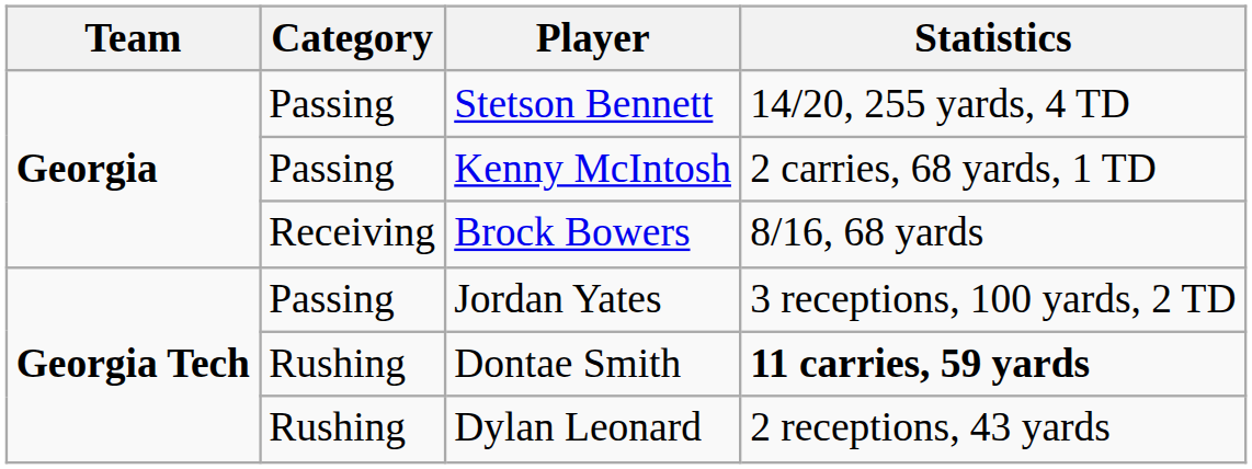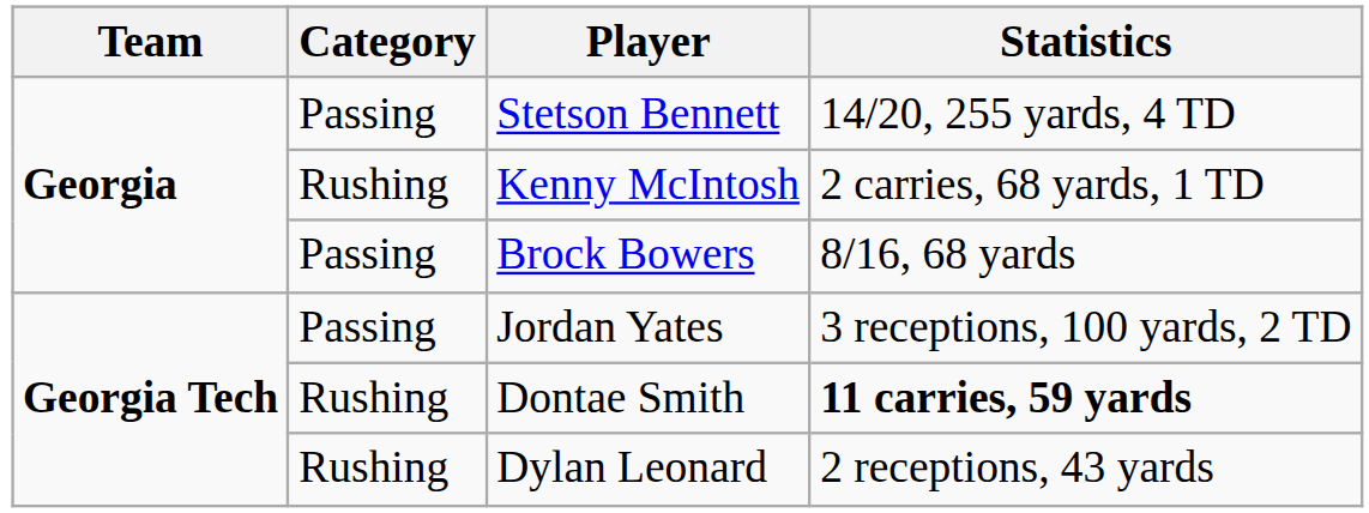 <table class="wikitable" style="float: right;">
 <tr>
 <th>Team</th>
 <th>Category</th>
 <th>Player</th>
 <th>Statistics</th>
 </tr>
 <tr>
 <td rowspan=3><strong>Georgia</strong></td>
 <td>Passing</td>
 <td><a href='#'>Stetson Bennett</a></td>
 <td>14/20, 255 yards, 4 TD</td>
 </tr>
 <tr>
-<td>Passing</td>
+<td>Rushing</td>
 <td><a href='#'>Kenny McIntosh</a></td>
 <td>2 carries, 68 yards, 1 TD</td>
 </tr>
 <tr>
-<td>Receiving</td>
+<td>Passing</td>
 <td><a href='#'>Brock Bowers</a></td>
 <td>8/16, 68 yards</td>
 </tr>
 <tr>
 <td rowspan=3><strong>Georgia Tech</strong></td>
 <td>Passing</td>
 <td>Jordan Yates</td>
 <td>3 receptions, 100 yards, 2 TD</td>
 </tr>
 <tr>
 <td>Rushing</td>
 <td>Dontae Smith</td>
 <td><strong>11 carries, 59 yards</strong></td>
 </tr>
 <tr>
 <td>Rushing</td>
 <td>Dylan Leonard</td>
 <td>2 receptions, 43 yards</td>
 </tr>
 </table>
